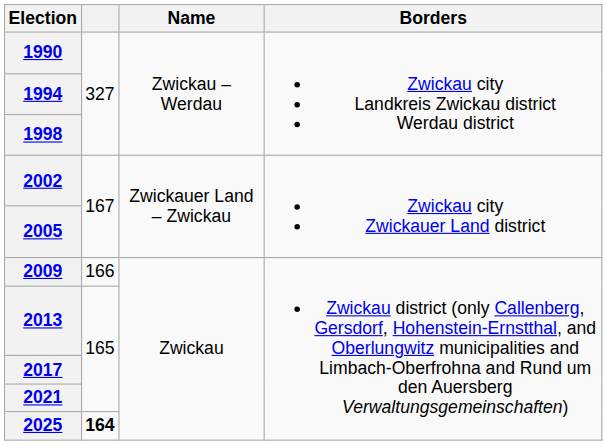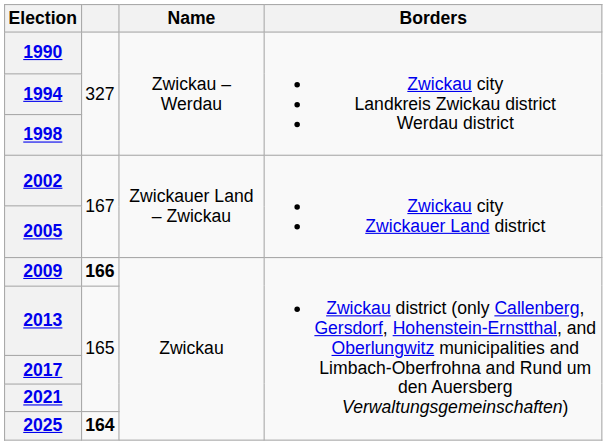 <table class=wikitable style="text-align:center">
 <tr>
 <th>Election</th>
 <th></th>
 <th width=125px>Name</th>
 <th width=300px>Borders</th>
 </tr>
 <tr>
 <th><a href='#'>1990</a></th>
 <td rowspan=3>327</td>
 <td rowspan=3>Zwickau – Werdau</td>
 <td rowspan=3><br><ul><li><a href='#'>Zwickau</a> city</li><li>Landkreis Zwickau district</li><li>Werdau district</li></ul></td>
 </tr>
 <tr>
 <th><a href='#'>1994</a></th>
 </tr>
 <tr>
 <th><a href='#'>1998</a></th>
 </tr>
 <tr>
 <th><a href='#'>2002</a></th>
 <td rowspan=2>167</td>
 <td rowspan=2>Zwickauer Land – Zwickau</td>
 <td rowspan=2><br><ul><li><a href='#'>Zwickau</a> city</li><li><a href='#'>Zwickauer Land</a> district</li></ul></td>
 </tr>
 <tr>
 <th><a href='#'>2005</a></th>
 </tr>
 <tr>
 <th><a href='#'>2009</a></th>
-<td>166</td>
+<td><strong>166</strong></td>
 <td rowspan=5>Zwickau</td>
 <td rowspan=5><br><ul><li><a href='#'>Zwickau</a> district (only <a href='#'>Callenberg</a>, <a href='#'>Gersdorf</a>, <a href='#'>Hohenstein-Ernstthal</a>, and <a href='#'>Oberlungwitz</a> municipalities and Limbach-Oberfrohna and Rund um den Auersberg <em>Verwaltungsgemeinschaften</em>)</li></ul></td>
 </tr>
 <tr>
 <th><a href='#'>2013</a></th>
 <td rowspan=3>165</td>
 </tr>
 <tr>
 <th><a href='#'>2017</a></th>
 </tr>
 <tr>
 <th><a href='#'>2021</a></th>
 </tr>
 <tr>
 <th><a href='#'>2025</a></th>
 <td><strong>164</strong></td>
 </tr>
 </table>
